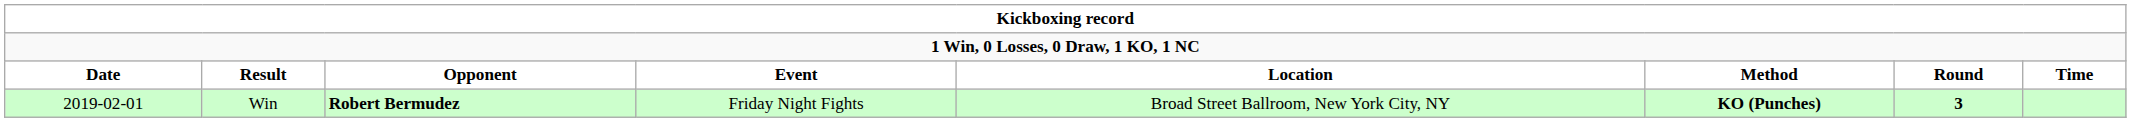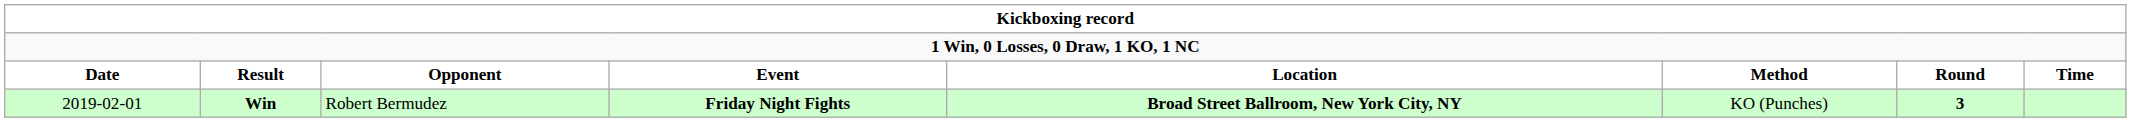 <table class="wikitable collapsible" style="font-size:80%; width:100%; text-align:center;">
 <tr>
 <th colspan=9 style="background:#fff">Kickboxing record</th>
 </tr>
 <tr>
 <td colspan=9><strong>1 Win, 0 Losses, 0 Draw, 1 KO, 1 NC</strong></td>
 </tr>
 <tr style="text-align:center; background:#fff;">
 <td><strong>Date</strong></td>
 <td><strong>Result</strong></td>
 <td><strong>Opponent</strong></td>
 <td><strong>Event</strong></td>
 <td><strong>Location</strong></td>
 <td><strong>Method</strong></td>
 <td><strong>Round</strong></td>
 <td><strong>Time</strong></td>
 </tr>
 <tr style="background:#cfc;">
 <td>2019-02-01</td>
-<td>Win</td>
-<td align=left><strong> Robert Bermudez</strong></td>
-<td>Friday Night Fights</td>
-<td>Broad Street Ballroom, New York City, NY</td>
-<td><strong>KO (Punches)</strong></td>
+<td><strong>Win</strong></td>
+<td align=left> Robert Bermudez</td>
+<td><strong>Friday Night Fights</strong></td>
+<td><strong>Broad Street Ballroom, New York City, NY</strong></td>
+<td>KO (Punches)</td>
 <td><strong>3</strong></td>
 <td></td>
 </tr>
 </table>
